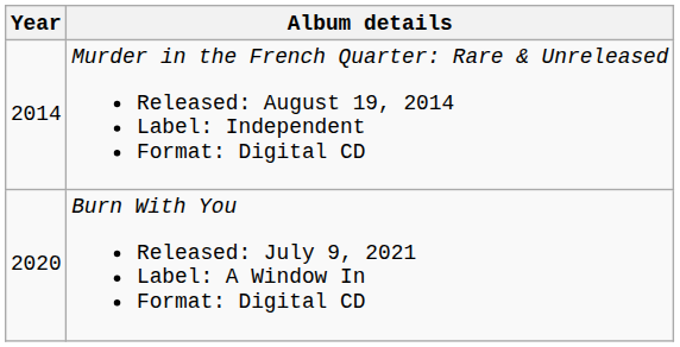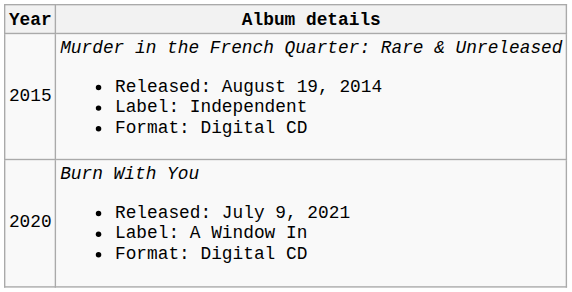 <table class="wikitable">
 <tr>
 <th>Year</th>
 <th>Album details</th>
 </tr>
 <tr>
-<td style="text-align:center;">2014</td>
+<td style="text-align:center;">2015</td>
 <td><em>Murder in the French Quarter: Rare & Unreleased</em><br><ul><li>Released: August 19, 2014</li><li>Label: Independent</li><li>Format: Digital CD</li></ul></td>
 </tr>
 <tr>
 <td style="text-align:center;">2020</td>
 <td><em>Burn With You</em><br><ul><li>Released: July 9, 2021</li><li>Label: A Window In</li><li>Format: Digital CD</li></ul></td>
 </tr>
 </table>
